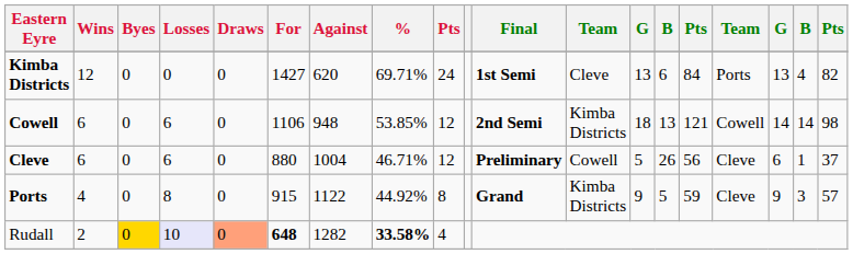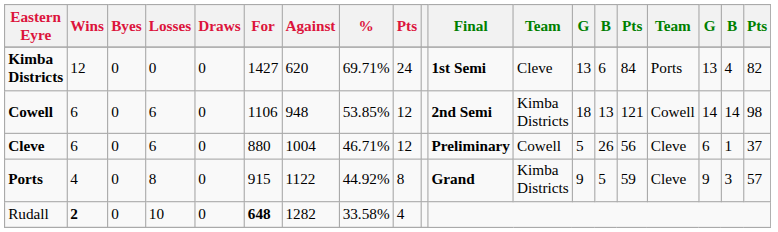 <table style="font-size: 85%; text-align: left;" class="wikitable">
 <tr>
 <th style="color:crimson">Eastern Eyre</th>
 <th style="color:crimson">Wins</th>
 <th style="color:crimson">Byes</th>
 <th style="color:crimson">Losses</th>
 <th style="color:crimson">Draws</th>
 <th style="color:crimson">For</th>
 <th style="color:crimson">Against</th>
 <th style="color:crimson">%</th>
 <th style="color:crimson">Pts</th>
 <th></th>
 <th style="color:green">Final</th>
 <th style="color:green">Team</th>
 <th style="color:green">G</th>
 <th style="color:green">B</th>
 <th style="color:green">Pts</th>
 <th style="color:green">Team</th>
 <th style="color:green">G</th>
 <th style="color:green">B</th>
 <th style="color:green">Pts</th>
 </tr>
 <tr>
 </tr>
 <tr>
 </tr>
 <tr>
 <td><strong>	Kimba Districts	</strong></td>
 <td>12</td>
 <td>0</td>
 <td>0</td>
 <td>0</td>
 <td>1427</td>
 <td>620</td>
 <td>69.71%</td>
 <td>24</td>
 <td></td>
 <td><strong>1st Semi</strong></td>
 <td>Cleve</td>
 <td>13</td>
 <td>6</td>
 <td>84</td>
 <td>Ports</td>
 <td>13</td>
 <td>4</td>
 <td>82</td>
 </tr>
 <tr>
 <td><strong>	Cowell	</strong></td>
 <td>6</td>
 <td>0</td>
 <td>6</td>
 <td>0</td>
 <td>1106</td>
 <td>948</td>
 <td>53.85%</td>
 <td>12</td>
 <td></td>
 <td><strong>2nd Semi</strong></td>
 <td>Kimba Districts</td>
 <td>18</td>
 <td>13</td>
 <td>121</td>
 <td>Cowell</td>
 <td>14</td>
 <td>14</td>
 <td>98</td>
 </tr>
 <tr>
 <td><strong>	Cleve	</strong></td>
 <td>6</td>
 <td>0</td>
 <td>6</td>
 <td>0</td>
 <td>880</td>
 <td>1004</td>
 <td>46.71%</td>
 <td>12</td>
 <td></td>
 <td><strong>Preliminary</strong></td>
 <td>Cowell</td>
 <td>5</td>
 <td>26</td>
 <td>56</td>
 <td>Cleve</td>
 <td>6</td>
 <td>1</td>
 <td>37</td>
 </tr>
 <tr>
 <td><strong>	Ports	</strong></td>
 <td>4</td>
 <td>0</td>
 <td>8</td>
 <td>0</td>
 <td>915</td>
 <td>1122</td>
 <td>44.92%</td>
 <td>8</td>
 <td></td>
 <td><strong>Grand</strong></td>
 <td>Kimba Districts</td>
 <td>9</td>
 <td>5</td>
 <td>59</td>
 <td>Cleve</td>
 <td>9</td>
 <td>3</td>
 <td>57</td>
 </tr>
 <tr>
 <td>Rudall</td>
-<td>2</td>
-<td style="background: gold;">0</td>
-<td style="background: lavender;">10</td>
-<td style="background: lightsalmon;">0</td>
+<td><strong>2</strong></td>
+<td>0</td>
+<td>10</td>
+<td>0</td>
 <td><strong>648</strong></td>
 <td>1282</td>
-<td><strong>33.58%</strong></td>
+<td>33.58%</td>
 <td>4</td>
 <td></td>
 </tr>
 <tr>
 </tr>
 </table>
